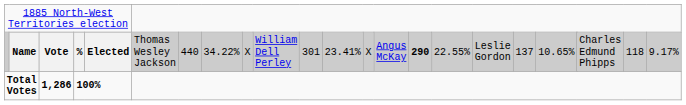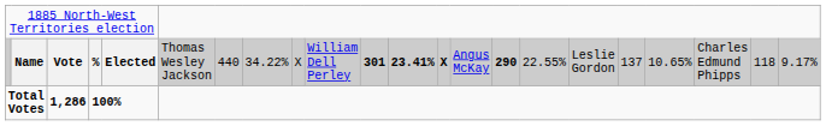 <table class="wikitable">
 <tr>
 <td colspan=5 align=center><a href='#'>1885 North-West Territories election</a></td>
 </tr>
 <tr bgcolor="CCCCCC">
 <td></td>
 <th><strong>Name </strong></th>
 <th><strong>Vote</strong></th>
 <th><strong>%</strong></th>
 <th><strong>Elected</strong><br></th>
 <td>Thomas Wesley Jackson</td>
 <td>440</td>
 <td>34.22%</td>
 <td>X<br></td>
 <td><a href='#'>William Dell Perley</a></td>
-<td>301</td>
-<td>23.41%</td>
-<td>X<br></td>
+<td><strong>301</strong></td>
+<td><strong>23.41%</strong></td>
+<td><strong>X<br></strong></td>
 <td><a href='#'>Angus McKay</a></td>
 <td><strong>290</strong></td>
 <td colspan=2 alignment="left">22.55%<br></td>
 <td>Leslie Gordon</td>
 <td>137</td>
 <td colspan=2 alignment="left">10.65%<br></td>
 <td>Charles Edmund Phipps</td>
 <td>118</td>
 <td colspan=2 alignment="left">9.17%</td>
 </tr>
 <tr>
 <td colspan=2><strong>Total Votes</strong></td>
 <td><strong>1,286</strong></td>
 <td colspan=2 alignment="left"><strong>100%</strong></td>
 </tr>
 </table>
